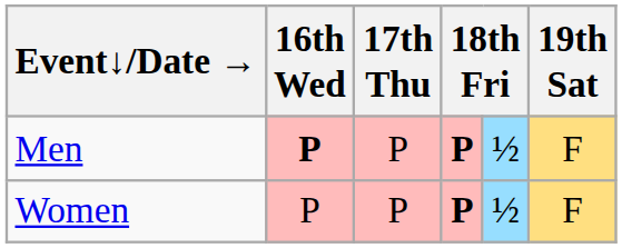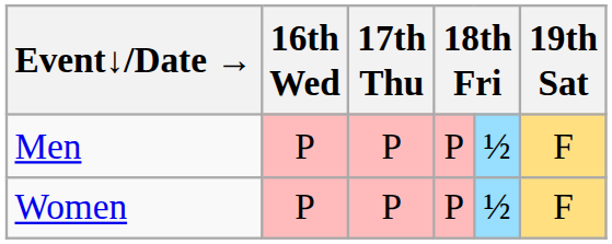 <table class="wikitable" style="margin:0.5em auto; font-size:90%; line-height:1.25em; text-align:center;">
 <tr>
 <th>Event↓/Date →</th>
 <th>16th<br>Wed</th>
 <th>17th<br>Thu</th>
 <th colspan=2>18th<br>Fri</th>
 <th>19th<br>Sat</th>
 </tr>
 <tr>
 <td style="text-align:left;"><a href='#'>Men</a></td>
-<td bgcolor="#FFBBBB"><strong>P</strong></td>
 <td bgcolor="#FFBBBB">P</td>
-<td bgcolor="#FFBBBB"><strong>P</strong></td>
+<td bgcolor="#FFBBBB">P</td>
+<td bgcolor="#FFBBBB">P</td>
 <td bgcolor="#97DEFF">½</td>
 <td bgcolor="#FFDF80">F</td>
 </tr>
 <tr>
 <td style="text-align:left;"><a href='#'>Women</a></td>
 <td bgcolor="#FFBBBB">P</td>
 <td bgcolor="#FFBBBB">P</td>
-<td bgcolor="#FFBBBB"><strong>P</strong></td>
+<td bgcolor="#FFBBBB">P</td>
 <td bgcolor="#97DEFF">½</td>
 <td bgcolor="#FFDF80">F</td>
 </tr>
 </table>
